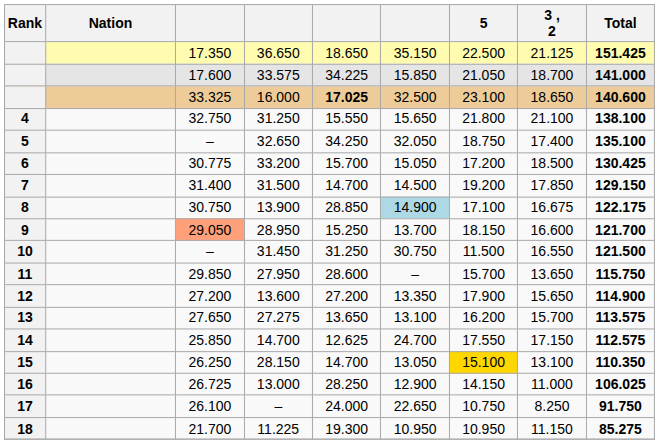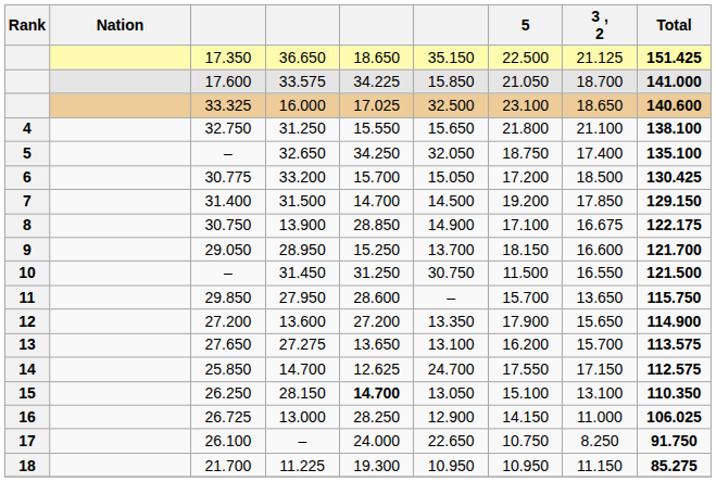 <table class="wikitable sortable" style="text-align:center; font-size:85%">
 <tr>
 <th scope="col" style="width:20px;">Rank</th>
 <th ! scope="col" style="width:120px;">Nation</th>
 <th ! scope="col" style="width:60px;"></th>
 <th ! scope="col" style="width:60px;"></th>
 <th ! scope="col" style="width:60px;"></th>
 <th ! scope="col" style="width:60px;"></th>
 <th ! scope="col" style="width:60px;">5 </th>
 <th ! scope="col" style="width:60px;">3 ,<br>2 </th>
 <th ! scope="col" style="width:60px;">Total</th>
 </tr>
 <tr bgcolor=fffcaf>
 <th scope=row></th>
 <td align=left></td>
 <td>17.350</td>
 <td>36.650</td>
 <td>18.650</td>
 <td>35.150</td>
 <td>22.500</td>
 <td>21.125</td>
 <td><strong>151.425</strong></td>
 </tr>
 <tr bgcolor=e5e5e5>
 <th scope=row></th>
 <td align=left></td>
 <td>17.600</td>
 <td>33.575</td>
 <td>34.225</td>
 <td>15.850</td>
 <td>21.050</td>
 <td>18.700</td>
 <td><strong>141.000</strong></td>
 </tr>
 <tr bgcolor=eecc99>
 <th scope=row></th>
 <td align=left></td>
 <td>33.325</td>
 <td>16.000</td>
-<td><strong>17.025</strong></td>
+<td>17.025</td>
 <td>32.500</td>
 <td>23.100</td>
 <td>18.650</td>
 <td><strong>140.600</strong></td>
 </tr>
 <tr>
 <th scope=row>4</th>
 <td align=left></td>
 <td>32.750</td>
 <td>31.250</td>
 <td>15.550</td>
 <td>15.650</td>
 <td>21.800</td>
 <td>21.100</td>
 <td><strong>138.100</strong></td>
 </tr>
 <tr>
 <th scope=row>5</th>
 <td align=left></td>
 <td>–</td>
 <td>32.650</td>
 <td>34.250</td>
 <td>32.050</td>
 <td>18.750</td>
 <td>17.400</td>
 <td><strong>135.100</strong></td>
 </tr>
 <tr>
 <th scope=row>6</th>
 <td align=left></td>
 <td>30.775</td>
 <td>33.200</td>
 <td>15.700</td>
 <td>15.050</td>
 <td>17.200</td>
 <td>18.500</td>
 <td><strong>130.425</strong></td>
 </tr>
 <tr>
 <th scope=row>7</th>
 <td align=left></td>
 <td>31.400</td>
 <td>31.500</td>
 <td>14.700</td>
 <td>14.500</td>
 <td>19.200</td>
 <td>17.850</td>
 <td><strong>129.150</strong></td>
 </tr>
 <tr>
 <th scope=row>8</th>
 <td align=left></td>
 <td>30.750</td>
 <td>13.900</td>
 <td>28.850</td>
-<td style="background: lightblue;">14.900</td>
+<td>14.900</td>
 <td>17.100</td>
 <td>16.675</td>
 <td><strong>122.175</strong></td>
 </tr>
 <tr>
 <th scope=row>9</th>
 <td align=left></td>
-<td style="background: lightsalmon;">29.050</td>
+<td>29.050</td>
 <td>28.950</td>
 <td>15.250</td>
 <td>13.700</td>
 <td>18.150</td>
 <td>16.600</td>
 <td><strong>121.700</strong></td>
 </tr>
 <tr>
 <th scope=row>10</th>
 <td align=left></td>
 <td>–</td>
 <td>31.450</td>
 <td>31.250</td>
 <td>30.750</td>
 <td>11.500</td>
 <td>16.550</td>
 <td><strong>121.500</strong></td>
 </tr>
 <tr>
 <th scope=row>11</th>
 <td align=left></td>
 <td>29.850</td>
 <td>27.950</td>
 <td>28.600</td>
 <td>–</td>
 <td>15.700</td>
 <td>13.650</td>
 <td><strong>115.750</strong></td>
 </tr>
 <tr>
 <th scope=row>12</th>
 <td align=left></td>
 <td>27.200</td>
 <td>13.600</td>
 <td>27.200</td>
 <td>13.350</td>
 <td>17.900</td>
 <td>15.650</td>
 <td><strong>114.900</strong></td>
 </tr>
 <tr>
 <th scope=row>13</th>
 <td align=left></td>
 <td>27.650</td>
 <td>27.275</td>
 <td>13.650</td>
 <td>13.100</td>
 <td>16.200</td>
 <td>15.700</td>
 <td><strong>113.575</strong></td>
 </tr>
 <tr>
 <th scope=row>14</th>
 <td align=left></td>
 <td>25.850</td>
 <td>14.700</td>
 <td>12.625</td>
 <td>24.700</td>
 <td>17.550</td>
 <td>17.150</td>
 <td><strong>112.575</strong></td>
 </tr>
 <tr>
 <th scope=row>15</th>
 <td align=left></td>
 <td>26.250</td>
 <td>28.150</td>
-<td>14.700</td>
+<td><strong>14.700</strong></td>
 <td>13.050</td>
-<td style="background: gold;">15.100</td>
+<td>15.100</td>
 <td>13.100</td>
 <td><strong>110.350</strong></td>
 </tr>
 <tr>
 <th scope=row>16</th>
 <td align=left></td>
 <td>26.725</td>
 <td>13.000</td>
 <td>28.250</td>
 <td>12.900</td>
 <td>14.150</td>
 <td>11.000</td>
 <td><strong>106.025</strong></td>
 </tr>
 <tr>
 <th scope=row>17</th>
 <td align=left></td>
 <td>26.100</td>
 <td>–</td>
 <td>24.000</td>
 <td>22.650</td>
 <td>10.750</td>
 <td>8.250</td>
 <td><strong>91.750</strong></td>
 </tr>
 <tr>
 <th scope=row>18</th>
 <td align=left></td>
 <td>21.700</td>
 <td>11.225</td>
 <td>19.300</td>
 <td>10.950</td>
 <td>10.950</td>
 <td>11.150</td>
 <td><strong>85.275</strong></td>
 </tr>
 <tr>
 </tr>
 </table>
